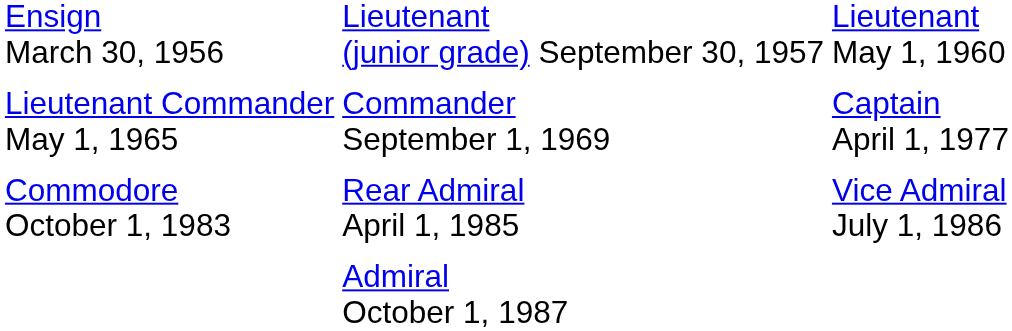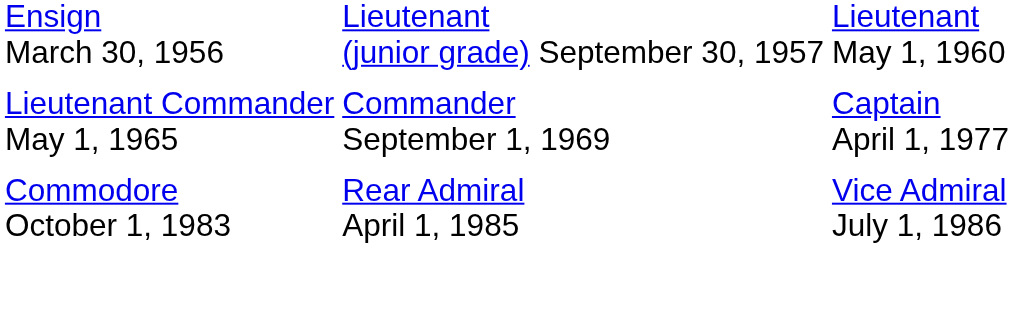 <table>
 <tr>
 <th></th>
 <th></th>
 <th></th>
 </tr>
 <tr>
 <td><a href='#'>Ensign</a><br>March 30, 1956</td>
 <td><a href='#'>Lieutenant</a><br><a href='#'>(junior grade)</a> September 30, 1957</td>
 <td><a href='#'>Lieutenant</a><br>May 1, 1960</td>
 </tr>
 <tr>
 <td></td>
 <td></td>
 <td></td>
 </tr>
 <tr>
 <td><a href='#'>Lieutenant Commander</a><br>May 1, 1965</td>
 <td><a href='#'>Commander</a><br>September 1, 1969</td>
 <td><a href='#'>Captain</a><br>April 1, 1977</td>
 </tr>
 <tr>
 <td></td>
 <td></td>
 <td></td>
 </tr>
 <tr>
 <td><a href='#'>Commodore</a><br>October 1, 1983</td>
 <td><a href='#'>Rear Admiral</a><br>April 1, 1985</td>
 <td><a href='#'>Vice Admiral</a><br>July 1, 1986</td>
 </tr>
 <tr>
 <td></td>
 <td></td>
 <td></td>
 </tr>
-<tr>
-<td></td>
-<td><a href='#'>Admiral</a><br>October 1, 1987</td>
-<td></td>
-</tr>
 </table>
